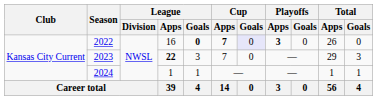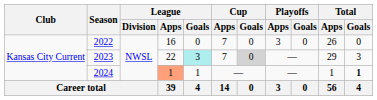 <table class="wikitable" style="text-align: center;">
 <tr>
 <th rowspan="2">Club</th>
 <th rowspan="2">Season</th>
 <th colspan="3">League</th>
 <th colspan="2">Cup</th>
 <th colspan="2">Playoffs</th>
 <th colspan="2">Total</th>
 </tr>
 <tr>
 <th>Division</th>
 <th>Apps</th>
 <th>Goals</th>
 <th>Apps</th>
 <th>Goals</th>
 <th>Apps</th>
 <th>Goals</th>
 <th>Apps</th>
 <th>Goals</th>
 </tr>
 <tr>
 <td rowspan="3"><a href='#'>Kansas City Current</a></td>
 <td><a href='#'>2022</a></td>
 <td rowspan="3"><a href='#'>NWSL</a></td>
 <td>16</td>
-<td><strong>0</strong></td>
-<td><strong>7</strong></td>
-<td style="background: lavender;">0</td>
-<td><strong>3</strong></td>
+<td>0</td>
+<td>7</td>
+<td>0</td>
+<td>3</td>
 <td>0</td>
 <td>26</td>
 <td>0</td>
 </tr>
 <tr>
 <td><a href='#'>2023</a></td>
-<td><strong>22</strong></td>
-<td>3</td>
+<td>22</td>
+<td style="background: paleturquoise;">3</td>
 <td>7</td>
-<td>0</td>
+<td style="background: lightgrey;">0</td>
 <td colspan="2">—</td>
 <td>29</td>
 <td>3</td>
 </tr>
 <tr>
 <td><a href='#'>2024</a></td>
-<td>1</td>
+<td style="background: lightsalmon;">1</td>
 <td>1</td>
 <td colspan="2">—</td>
 <td colspan="2">—</td>
 <td>1</td>
-<td>1</td>
+<td><strong>1</strong></td>
 </tr>
 <tr>
 <th colspan="3">Career total</th>
 <th>39</th>
 <th>4</th>
 <th>14</th>
 <th>0</th>
 <th>3</th>
 <th>0</th>
 <th>56</th>
 <th>4</th>
 </tr>
 </table>
